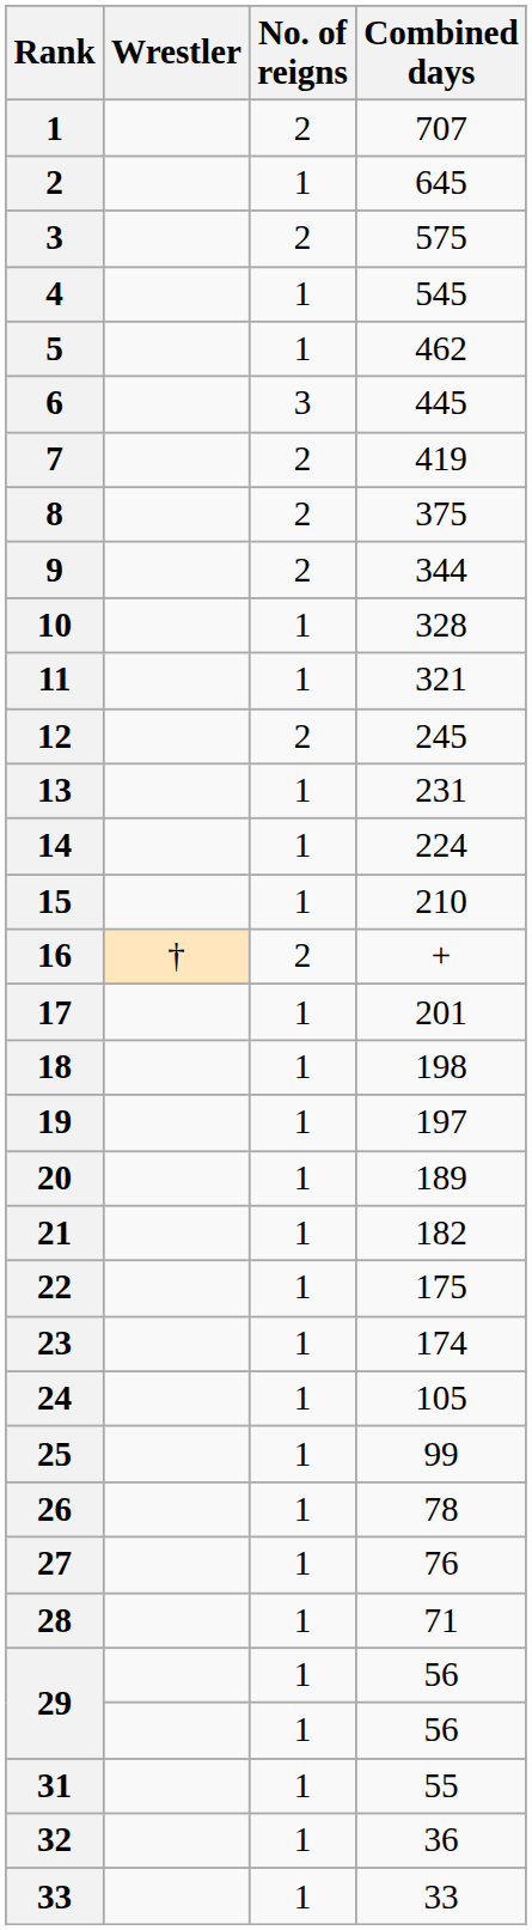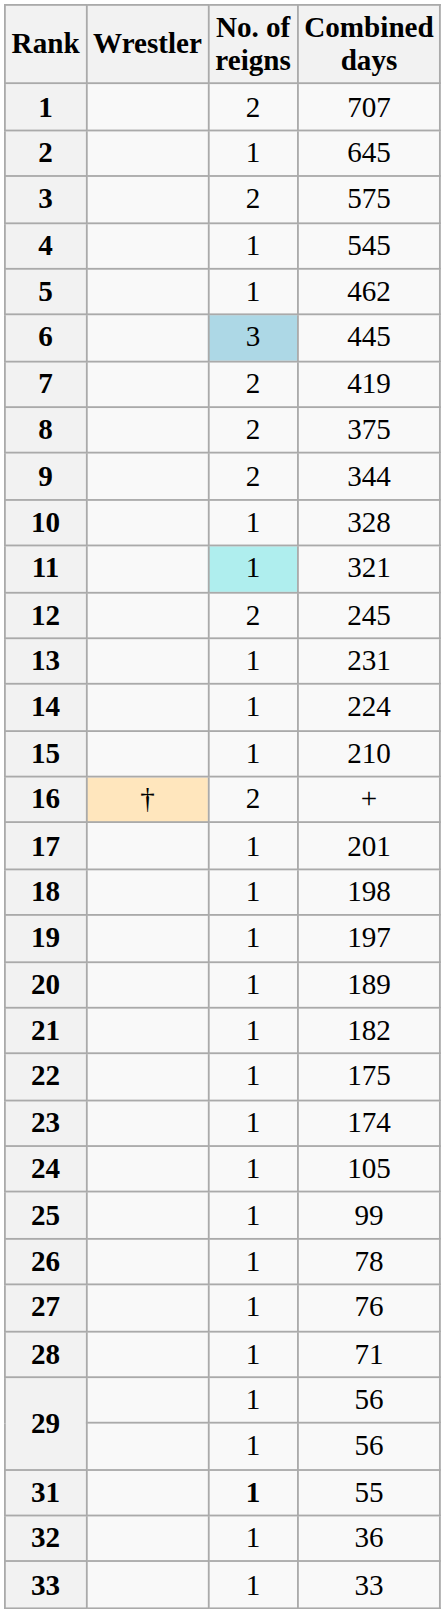 <table class="wikitable sortable" style="text-align: center">
 <tr>
 <th>Rank</th>
 <th>Wrestler</th>
 <th>No. of<br>reigns</th>
 <th>Combined<br>days</th>
 </tr>
 <tr>
 <th>1</th>
 <td></td>
 <td>2</td>
 <td>707</td>
 </tr>
 <tr>
 <th>2</th>
 <td></td>
 <td>1</td>
 <td>645</td>
 </tr>
 <tr>
 <th>3</th>
 <td></td>
 <td>2</td>
 <td>575</td>
 </tr>
 <tr>
 <th>4</th>
 <td></td>
 <td>1</td>
 <td>545</td>
 </tr>
 <tr>
 <th>5</th>
 <td></td>
 <td>1</td>
 <td>462</td>
 </tr>
 <tr>
 <th>6</th>
 <td></td>
-<td>3</td>
+<td style="background: lightblue;">3</td>
 <td>445</td>
 </tr>
 <tr>
 <th>7</th>
 <td></td>
 <td>2</td>
 <td>419</td>
 </tr>
 <tr>
 <th>8</th>
 <td></td>
 <td>2</td>
 <td>375</td>
 </tr>
 <tr>
 <th>9</th>
 <td></td>
 <td>2</td>
 <td>344</td>
 </tr>
 <tr>
 <th>10</th>
 <td></td>
 <td>1</td>
 <td>328</td>
 </tr>
 <tr>
 <th>11</th>
 <td></td>
-<td>1</td>
+<td style="background: paleturquoise;">1</td>
 <td>321</td>
 </tr>
 <tr>
 <th>12</th>
 <td></td>
 <td>2</td>
 <td>245</td>
 </tr>
 <tr>
 <th>13</th>
 <td></td>
 <td>1</td>
 <td>231</td>
 </tr>
 <tr>
 <th>14</th>
 <td></td>
 <td>1</td>
 <td>224</td>
 </tr>
 <tr>
 <th>15</th>
 <td></td>
 <td>1</td>
 <td>210</td>
 </tr>
 <tr>
 <th>16</th>
 <td style="background-color:#FFE6BD"> †</td>
 <td>2</td>
 <td>+</td>
 </tr>
 <tr>
 <th>17</th>
 <td></td>
 <td>1</td>
 <td>201</td>
 </tr>
 <tr>
 <th>18</th>
 <td></td>
 <td>1</td>
 <td>198</td>
 </tr>
 <tr>
 <th>19</th>
 <td></td>
 <td>1</td>
 <td>197</td>
 </tr>
 <tr>
 <th>20</th>
 <td></td>
 <td>1</td>
 <td>189</td>
 </tr>
 <tr>
 <th>21</th>
 <td></td>
 <td>1</td>
 <td>182</td>
 </tr>
 <tr>
 <th>22</th>
 <td></td>
 <td>1</td>
 <td>175</td>
 </tr>
 <tr>
 <th>23</th>
 <td></td>
 <td>1</td>
 <td>174</td>
 </tr>
 <tr>
 <th>24</th>
 <td></td>
 <td>1</td>
 <td>105</td>
 </tr>
 <tr>
 <th>25</th>
 <td></td>
 <td>1</td>
 <td>99</td>
 </tr>
 <tr>
 <th>26</th>
 <td></td>
 <td>1</td>
 <td>78</td>
 </tr>
 <tr>
 <th>27</th>
 <td></td>
 <td>1</td>
 <td>76</td>
 </tr>
 <tr>
 <th>28</th>
 <td></td>
 <td>1</td>
 <td>71</td>
 </tr>
 <tr>
 <th rowspan="2">29</th>
 <td></td>
 <td>1</td>
 <td>56</td>
 </tr>
 <tr>
 <td></td>
 <td>1</td>
 <td>56</td>
 </tr>
 <tr>
 <th>31</th>
 <td></td>
-<td>1</td>
+<td><strong>1</strong></td>
 <td>55</td>
 </tr>
 <tr>
 <th>32</th>
 <td></td>
 <td>1</td>
 <td>36</td>
 </tr>
 <tr>
 <th>33</th>
 <td></td>
 <td>1</td>
 <td>33</td>
 </tr>
 </table>
